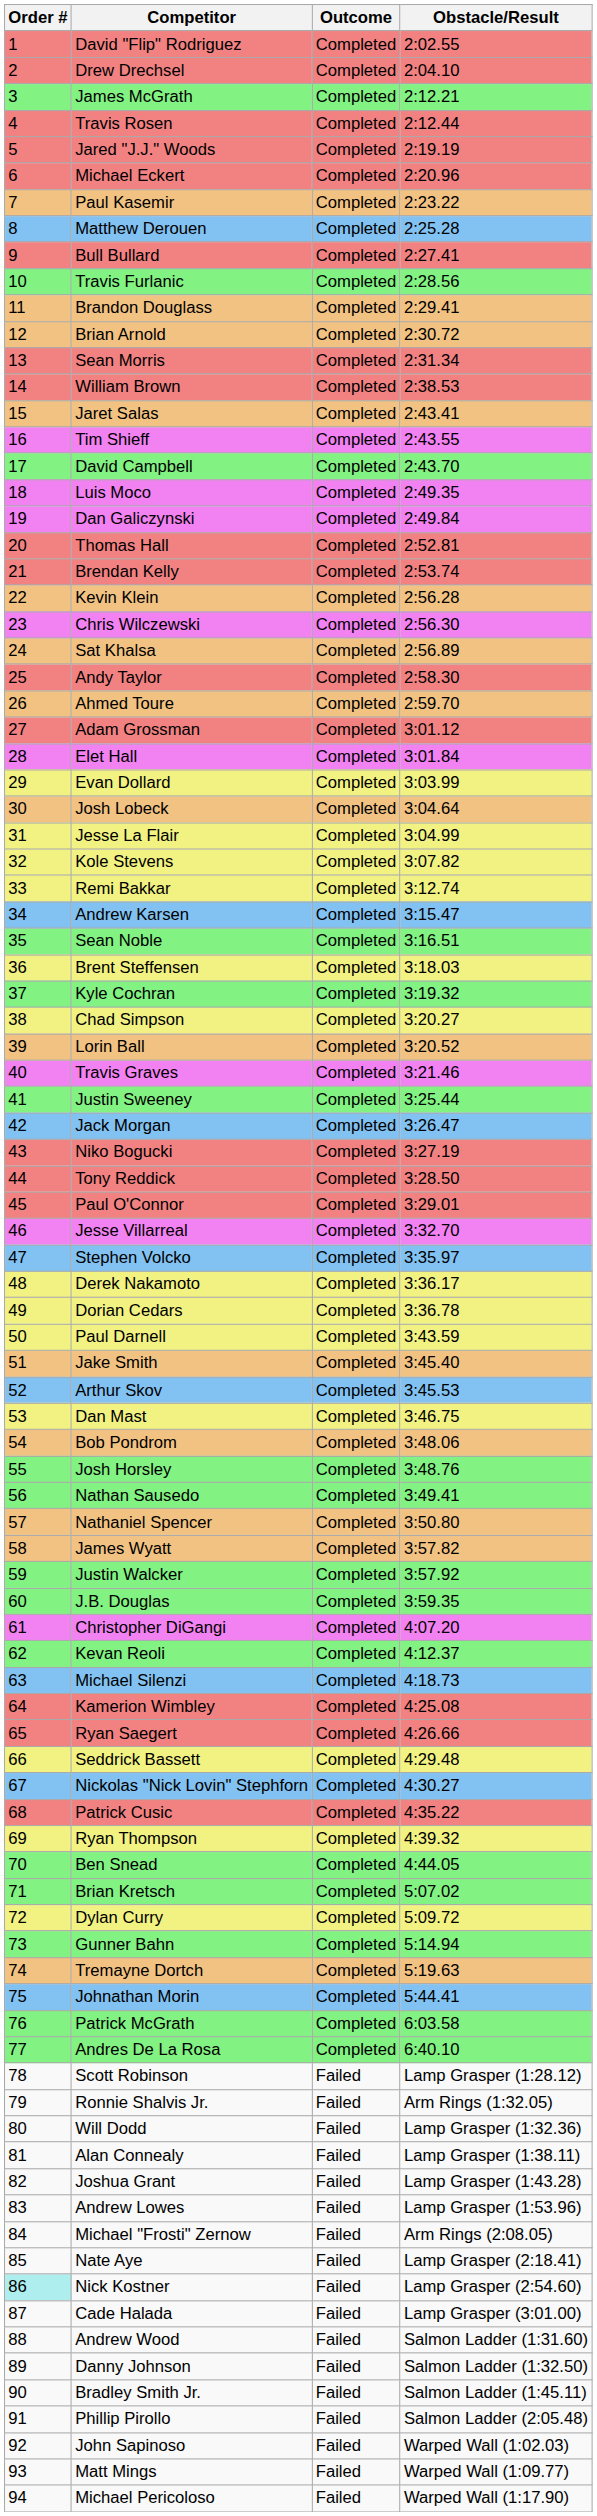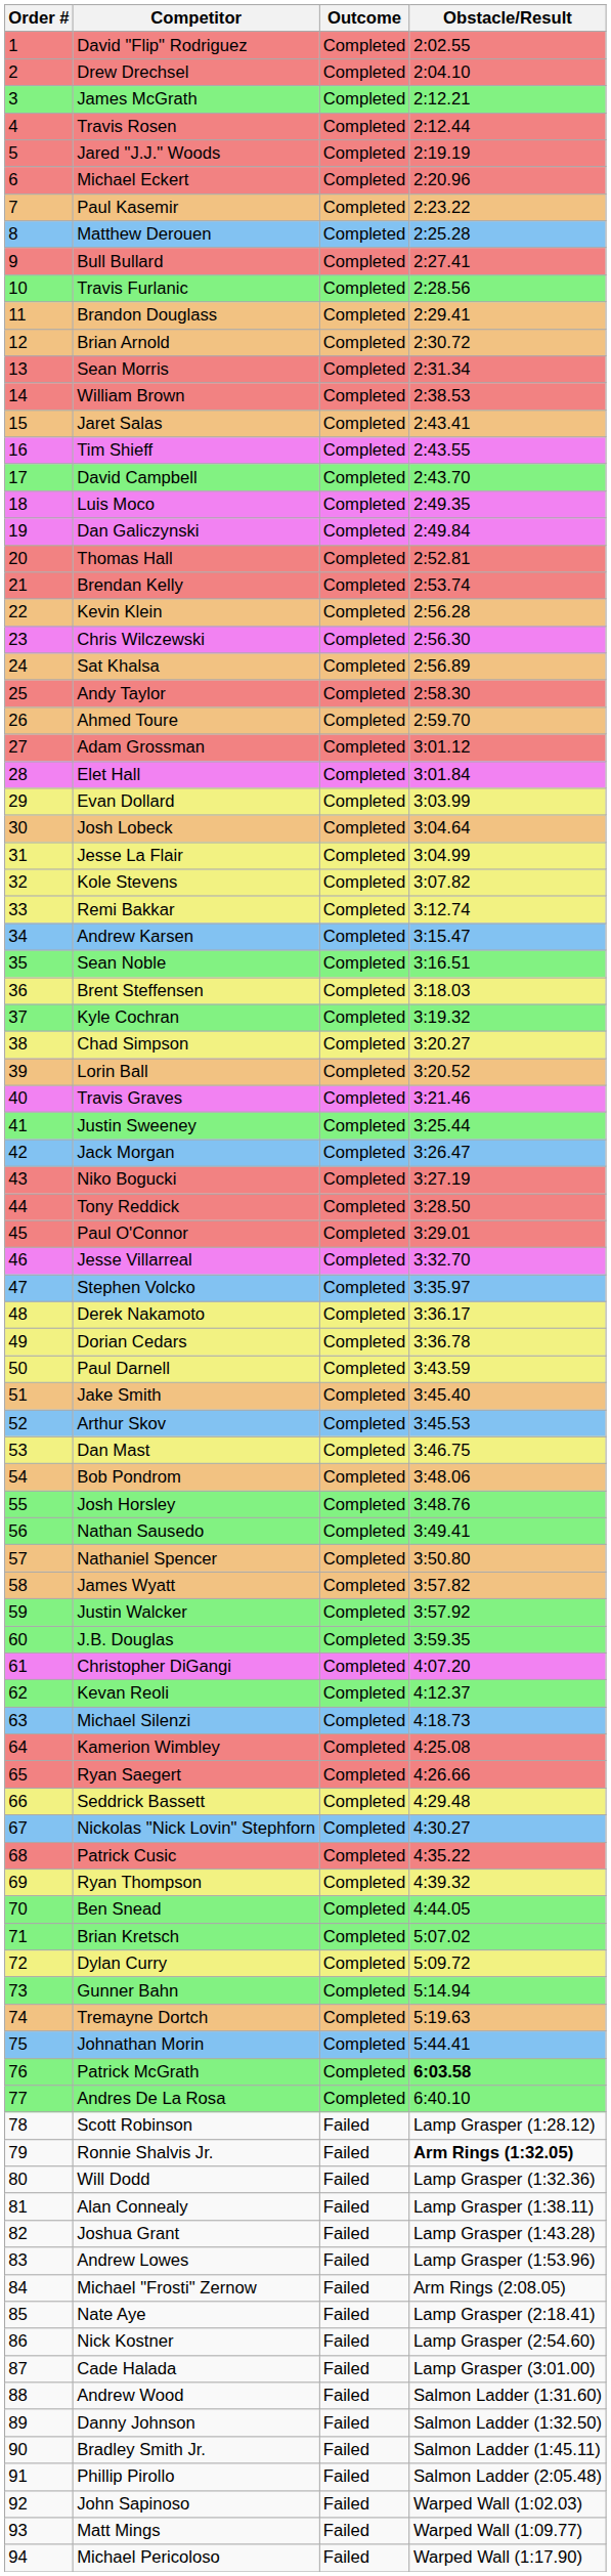 <table class="wikitable sortable">
 <tr>
 <th>Order #</th>
 <th>Competitor</th>
 <th>Outcome</th>
 <th>Obstacle/Result</th>
 </tr>
 <tr style="background-color:#f28282">
 <td>1</td>
 <td>David "Flip" Rodriguez</td>
 <td>Completed</td>
 <td>2:02.55</td>
 </tr>
 <tr style="background-color:#f28282">
 <td>2</td>
 <td>Drew Drechsel</td>
 <td>Completed</td>
 <td>2:04.10</td>
 </tr>
 <tr style="background-color:#82f282">
 <td>3</td>
 <td>James McGrath</td>
 <td>Completed</td>
 <td>2:12.21</td>
 </tr>
 <tr style="background-color:#f28282">
 <td>4</td>
 <td>Travis Rosen</td>
 <td>Completed</td>
 <td>2:12.44</td>
 </tr>
 <tr style="background-color:#f28282">
 <td>5</td>
 <td>Jared "J.J." Woods</td>
 <td>Completed</td>
 <td>2:19.19</td>
 </tr>
 <tr style="background-color:#f28282">
 <td>6</td>
 <td>Michael Eckert</td>
 <td>Completed</td>
 <td>2:20.96</td>
 </tr>
 <tr style="background-color:#f2c282">
 <td>7</td>
 <td>Paul Kasemir</td>
 <td>Completed</td>
 <td>2:23.22</td>
 </tr>
 <tr style="background-color:#82c2f2">
 <td>8</td>
 <td>Matthew Derouen</td>
 <td>Completed</td>
 <td>2:25.28</td>
 </tr>
 <tr style="background-color:#f28282">
 <td>9</td>
 <td>Bull Bullard</td>
 <td>Completed</td>
 <td>2:27.41</td>
 </tr>
 <tr style="background-color:#82f282">
 <td>10</td>
 <td>Travis Furlanic</td>
 <td>Completed</td>
 <td>2:28.56</td>
 </tr>
 <tr style="background-color:#f2c282">
 <td>11</td>
 <td>Brandon Douglass</td>
 <td>Completed</td>
 <td>2:29.41</td>
 </tr>
 <tr style="background-color:#f2c282">
 <td>12</td>
 <td>Brian Arnold</td>
 <td>Completed</td>
 <td>2:30.72</td>
 </tr>
 <tr style="background-color:#f28282">
 <td>13</td>
 <td>Sean Morris</td>
 <td>Completed</td>
 <td>2:31.34</td>
 </tr>
 <tr style="background-color:#f28282">
 <td>14</td>
 <td>William Brown</td>
 <td>Completed</td>
 <td>2:38.53</td>
 </tr>
 <tr style="background-color:#f2c282">
 <td>15</td>
 <td>Jaret Salas</td>
 <td>Completed</td>
 <td>2:43.41</td>
 </tr>
 <tr style="background-color:#f282f2">
 <td>16</td>
 <td>Tim Shieff</td>
 <td>Completed</td>
 <td>2:43.55</td>
 </tr>
 <tr style="background-color:#82f282">
 <td>17</td>
 <td>David Campbell</td>
 <td>Completed</td>
 <td>2:43.70</td>
 </tr>
 <tr style="background-color:#f282f2">
 <td>18</td>
 <td>Luis Moco</td>
 <td>Completed</td>
 <td>2:49.35</td>
 </tr>
 <tr style="background-color:#f282f2">
 <td>19</td>
 <td>Dan Galiczynski</td>
 <td>Completed</td>
 <td>2:49.84</td>
 </tr>
 <tr style="background-color:#f28282">
 <td>20</td>
 <td>Thomas Hall</td>
 <td>Completed</td>
 <td>2:52.81</td>
 </tr>
 <tr style="background-color:#f28282">
 <td>21</td>
 <td>Brendan Kelly</td>
 <td>Completed</td>
 <td>2:53.74</td>
 </tr>
 <tr style="background-color:#f2c282">
 <td>22</td>
 <td>Kevin Klein</td>
 <td>Completed</td>
 <td>2:56.28</td>
 </tr>
 <tr style="background-color:#f282f2">
 <td>23</td>
 <td>Chris Wilczewski</td>
 <td>Completed</td>
 <td>2:56.30</td>
 </tr>
 <tr style="background-color:#f2c282">
 <td>24</td>
 <td>Sat Khalsa</td>
 <td>Completed</td>
 <td>2:56.89</td>
 </tr>
 <tr style="background-color:#f28282">
 <td>25</td>
 <td>Andy Taylor</td>
 <td>Completed</td>
 <td>2:58.30</td>
 </tr>
 <tr style="background-color:#f2c282">
 <td>26</td>
 <td>Ahmed Toure</td>
 <td>Completed</td>
 <td>2:59.70</td>
 </tr>
 <tr style="background-color:#f28282">
 <td>27</td>
 <td>Adam Grossman</td>
 <td>Completed</td>
 <td>3:01.12</td>
 </tr>
 <tr style="background-color:#f282f2">
 <td>28</td>
 <td>Elet Hall</td>
 <td>Completed</td>
 <td>3:01.84</td>
 </tr>
 <tr style="background-color:#f2f282">
 <td>29</td>
 <td>Evan Dollard</td>
 <td>Completed</td>
 <td>3:03.99</td>
 </tr>
 <tr style="background-color:#f2c282">
 <td>30</td>
 <td>Josh Lobeck</td>
 <td>Completed</td>
 <td>3:04.64</td>
 </tr>
 <tr style="background-color:#f2f282">
 <td>31</td>
 <td>Jesse La Flair</td>
 <td>Completed</td>
 <td>3:04.99</td>
 </tr>
 <tr style="background-color:#f2f282">
 <td>32</td>
 <td>Kole Stevens</td>
 <td>Completed</td>
 <td>3:07.82</td>
 </tr>
 <tr style="background-color:#f2f282">
 <td>33</td>
 <td>Remi Bakkar</td>
 <td>Completed</td>
 <td>3:12.74</td>
 </tr>
 <tr style="background-color:#82c2f2">
 <td>34</td>
 <td>Andrew Karsen</td>
 <td>Completed</td>
 <td>3:15.47</td>
 </tr>
 <tr style="background-color:#82f282">
 <td>35</td>
 <td>Sean Noble</td>
 <td>Completed</td>
 <td>3:16.51</td>
 </tr>
 <tr style="background-color:#f2f282">
 <td>36</td>
 <td>Brent Steffensen</td>
 <td>Completed</td>
 <td>3:18.03</td>
 </tr>
 <tr style="background-color:#82f282">
 <td>37</td>
 <td>Kyle Cochran</td>
 <td>Completed</td>
 <td>3:19.32</td>
 </tr>
 <tr style="background-color:#f2f282">
 <td>38</td>
 <td>Chad Simpson</td>
 <td>Completed</td>
 <td>3:20.27</td>
 </tr>
 <tr style="background-color:#f2c282">
 <td>39</td>
 <td>Lorin Ball</td>
 <td>Completed</td>
 <td>3:20.52</td>
 </tr>
 <tr style="background-color:#f282f2">
 <td>40</td>
 <td>Travis Graves</td>
 <td>Completed</td>
 <td>3:21.46</td>
 </tr>
 <tr style="background-color:#82f282">
 <td>41</td>
 <td>Justin Sweeney</td>
 <td>Completed</td>
 <td>3:25.44</td>
 </tr>
 <tr style="background-color:#82c2f2">
 <td>42</td>
 <td>Jack Morgan</td>
 <td>Completed</td>
 <td>3:26.47</td>
 </tr>
 <tr style="background-color:#f28282">
 <td>43</td>
 <td>Niko Bogucki</td>
 <td>Completed</td>
 <td>3:27.19</td>
 </tr>
 <tr style="background-color:#f28282">
 <td>44</td>
 <td>Tony Reddick</td>
 <td>Completed</td>
 <td>3:28.50</td>
 </tr>
 <tr style="background-color:#f28282">
 <td>45</td>
 <td>Paul O'Connor</td>
 <td>Completed</td>
 <td>3:29.01</td>
 </tr>
 <tr style="background-color:#f282f2">
 <td>46</td>
 <td>Jesse Villarreal</td>
 <td>Completed</td>
 <td>3:32.70</td>
 </tr>
 <tr style="background-color:#82c2f2">
 <td>47</td>
 <td>Stephen Volcko</td>
 <td>Completed</td>
 <td>3:35.97</td>
 </tr>
 <tr style="background-color:#f2f282">
 <td>48</td>
 <td>Derek Nakamoto</td>
 <td>Completed</td>
 <td>3:36.17</td>
 </tr>
 <tr style="background-color:#f2f282">
 <td>49</td>
 <td>Dorian Cedars</td>
 <td>Completed</td>
 <td>3:36.78</td>
 </tr>
 <tr style="background-color:#f2f282">
 <td>50</td>
 <td>Paul Darnell</td>
 <td>Completed</td>
 <td>3:43.59</td>
 </tr>
 <tr style="background-color:#f2c282">
 <td>51</td>
 <td>Jake Smith</td>
 <td>Completed</td>
 <td>3:45.40</td>
 </tr>
 <tr style="background-color:#82c2f2">
 <td>52</td>
 <td>Arthur Skov</td>
 <td>Completed</td>
 <td>3:45.53</td>
 </tr>
 <tr style="background-color:#f2f282">
 <td>53</td>
 <td>Dan Mast</td>
 <td>Completed</td>
 <td>3:46.75</td>
 </tr>
 <tr style="background-color:#f2c282">
 <td>54</td>
 <td>Bob Pondrom</td>
 <td>Completed</td>
 <td>3:48.06</td>
 </tr>
 <tr style="background-color:#82f282">
 <td>55</td>
 <td>Josh Horsley</td>
 <td>Completed</td>
 <td>3:48.76</td>
 </tr>
 <tr style="background-color:#82f282">
 <td>56</td>
 <td>Nathan Sausedo</td>
 <td>Completed</td>
 <td>3:49.41</td>
 </tr>
 <tr style="background-color:#f2c282">
 <td>57</td>
 <td>Nathaniel Spencer</td>
 <td>Completed</td>
 <td>3:50.80</td>
 </tr>
 <tr style="background-color:#f2c282">
 <td>58</td>
 <td>James Wyatt</td>
 <td>Completed</td>
 <td>3:57.82</td>
 </tr>
 <tr style="background-color:#82f282">
 <td>59</td>
 <td>Justin Walcker</td>
 <td>Completed</td>
 <td>3:57.92</td>
 </tr>
 <tr style="background-color:#82f282">
 <td>60</td>
 <td>J.B. Douglas</td>
 <td>Completed</td>
 <td>3:59.35</td>
 </tr>
 <tr style="background-color:#f282f2">
 <td>61</td>
 <td>Christopher DiGangi</td>
 <td>Completed</td>
 <td>4:07.20</td>
 </tr>
 <tr style="background-color:#82f282">
 <td>62</td>
 <td>Kevan Reoli</td>
 <td>Completed</td>
 <td>4:12.37</td>
 </tr>
 <tr style="background-color:#82c2f2">
 <td>63</td>
 <td>Michael Silenzi</td>
 <td>Completed</td>
 <td>4:18.73</td>
 </tr>
 <tr style="background-color:#f28282">
 <td>64</td>
 <td>Kamerion Wimbley</td>
 <td>Completed</td>
 <td>4:25.08</td>
 </tr>
 <tr style="background-color:#f28282">
 <td>65</td>
 <td>Ryan Saegert</td>
 <td>Completed</td>
 <td>4:26.66</td>
 </tr>
 <tr style="background-color:#f2f282">
 <td>66</td>
 <td>Seddrick Bassett</td>
 <td>Completed</td>
 <td>4:29.48</td>
 </tr>
 <tr style="background-color:#82c2f2">
 <td>67</td>
 <td>Nickolas "Nick Lovin" Stephforn</td>
 <td>Completed</td>
 <td>4:30.27</td>
 </tr>
 <tr style="background-color:#f28282">
 <td>68</td>
 <td>Patrick Cusic</td>
 <td>Completed</td>
 <td>4:35.22</td>
 </tr>
 <tr style="background-color:#f2f282">
 <td>69</td>
 <td>Ryan Thompson</td>
 <td>Completed</td>
 <td>4:39.32</td>
 </tr>
 <tr style="background-color:#82f282">
 <td>70</td>
 <td>Ben Snead</td>
 <td>Completed</td>
 <td>4:44.05</td>
 </tr>
 <tr style="background-color:#82f282">
 <td>71</td>
 <td>Brian Kretsch</td>
 <td>Completed</td>
 <td>5:07.02</td>
 </tr>
 <tr style="background-color:#f2f282">
 <td>72</td>
 <td>Dylan Curry</td>
 <td>Completed</td>
 <td>5:09.72</td>
 </tr>
 <tr style="background-color:#82f282">
 <td>73</td>
 <td>Gunner Bahn</td>
 <td>Completed</td>
 <td>5:14.94</td>
 </tr>
 <tr style="background-color:#f2c282">
 <td>74</td>
 <td>Tremayne Dortch</td>
 <td>Completed</td>
 <td>5:19.63</td>
 </tr>
 <tr style="background-color:#82c2f2">
 <td>75</td>
 <td>Johnathan Morin</td>
 <td>Completed</td>
 <td>5:44.41</td>
 </tr>
 <tr style="background-color:#82f282">
 <td>76</td>
 <td>Patrick McGrath</td>
 <td>Completed</td>
-<td>6:03.58</td>
+<td><strong>6:03.58</strong></td>
 </tr>
 <tr style="background-color:#82f282">
 <td>77</td>
 <td>Andres De La Rosa</td>
 <td>Completed</td>
 <td>6:40.10</td>
 </tr>
 <tr>
 <td>78</td>
 <td>Scott Robinson</td>
 <td>Failed</td>
 <td>Lamp Grasper (1:28.12)</td>
 </tr>
 <tr>
 <td>79</td>
 <td>Ronnie Shalvis Jr.</td>
 <td>Failed</td>
-<td>Arm Rings (1:32.05)</td>
+<td><strong>Arm Rings (1:32.05)</strong></td>
 </tr>
 <tr>
 <td>80</td>
 <td>Will Dodd</td>
 <td>Failed</td>
 <td>Lamp Grasper (1:32.36)</td>
 </tr>
 <tr>
 <td>81</td>
 <td>Alan Connealy</td>
 <td>Failed</td>
 <td>Lamp Grasper (1:38.11)</td>
 </tr>
 <tr>
 <td>82</td>
 <td>Joshua Grant</td>
 <td>Failed</td>
 <td>Lamp Grasper (1:43.28)</td>
 </tr>
 <tr>
 <td>83</td>
 <td>Andrew Lowes</td>
 <td>Failed</td>
 <td>Lamp Grasper (1:53.96)</td>
 </tr>
 <tr>
 <td>84</td>
 <td>Michael "Frosti" Zernow</td>
 <td>Failed</td>
 <td>Arm Rings (2:08.05)</td>
 </tr>
 <tr>
 <td>85</td>
 <td>Nate Aye</td>
 <td>Failed</td>
 <td>Lamp Grasper (2:18.41)</td>
 </tr>
 <tr>
-<td style="background: paleturquoise;">86</td>
+<td>86</td>
 <td>Nick Kostner</td>
 <td>Failed</td>
 <td>Lamp Grasper (2:54.60)</td>
 </tr>
 <tr>
 <td>87</td>
 <td>Cade Halada</td>
 <td>Failed</td>
 <td>Lamp Grasper (3:01.00)</td>
 </tr>
 <tr>
 <td>88</td>
 <td>Andrew Wood</td>
 <td>Failed</td>
 <td>Salmon Ladder (1:31.60)</td>
 </tr>
 <tr>
 <td>89</td>
 <td>Danny Johnson</td>
 <td>Failed</td>
 <td>Salmon Ladder (1:32.50)</td>
 </tr>
 <tr>
 <td>90</td>
 <td>Bradley Smith Jr.</td>
 <td>Failed</td>
 <td>Salmon Ladder (1:45.11)</td>
 </tr>
 <tr>
 <td>91</td>
 <td>Phillip Pirollo</td>
 <td>Failed</td>
 <td>Salmon Ladder (2:05.48)</td>
 </tr>
 <tr>
 <td>92</td>
 <td>John Sapinoso</td>
 <td>Failed</td>
 <td>Warped Wall (1:02.03)</td>
 </tr>
 <tr>
 <td>93</td>
 <td>Matt Mings</td>
 <td>Failed</td>
 <td>Warped Wall (1:09.77)</td>
 </tr>
 <tr>
 <td>94</td>
 <td>Michael Pericoloso</td>
 <td>Failed</td>
 <td>Warped Wall (1:17.90)</td>
 </tr>
 </table>
